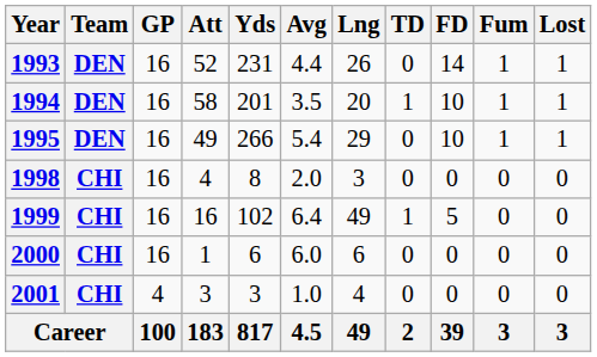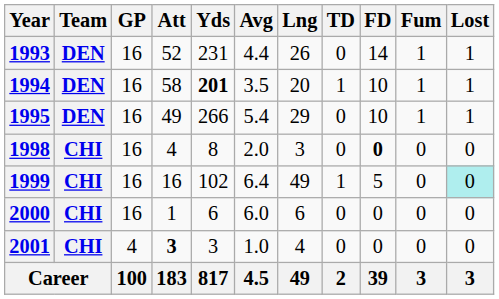 <table class="wikitable" style="text-align: center;">
 <tr>
 <th>Year</th>
 <th>Team</th>
 <th>GP</th>
 <th>Att</th>
 <th>Yds</th>
 <th>Avg</th>
 <th>Lng</th>
 <th>TD</th>
 <th>FD</th>
 <th>Fum</th>
 <th>Lost</th>
 </tr>
 <tr>
 <th><a href='#'>1993</a></th>
 <th><a href='#'>DEN</a></th>
 <td>16</td>
 <td>52</td>
 <td>231</td>
 <td>4.4</td>
 <td>26</td>
 <td>0</td>
 <td>14</td>
 <td>1</td>
 <td>1</td>
 </tr>
 <tr>
 <th><a href='#'>1994</a></th>
 <th><a href='#'>DEN</a></th>
 <td>16</td>
 <td>58</td>
-<td>201</td>
+<td><strong>201</strong></td>
 <td>3.5</td>
 <td>20</td>
 <td>1</td>
 <td>10</td>
 <td>1</td>
 <td>1</td>
 </tr>
 <tr>
 <th><a href='#'>1995</a></th>
 <th><a href='#'>DEN</a></th>
 <td>16</td>
 <td>49</td>
 <td>266</td>
 <td>5.4</td>
 <td>29</td>
 <td>0</td>
 <td>10</td>
 <td>1</td>
 <td>1</td>
 </tr>
 <tr>
 <th><a href='#'>1998</a></th>
 <th><a href='#'>CHI</a></th>
 <td>16</td>
 <td>4</td>
 <td>8</td>
 <td>2.0</td>
 <td>3</td>
 <td>0</td>
-<td>0</td>
+<td><strong>0</strong></td>
 <td>0</td>
 <td>0</td>
 </tr>
 <tr>
 <th><a href='#'>1999</a></th>
 <th><a href='#'>CHI</a></th>
 <td>16</td>
 <td>16</td>
 <td>102</td>
 <td>6.4</td>
 <td>49</td>
 <td>1</td>
 <td>5</td>
 <td>0</td>
-<td>0</td>
+<td style="background: paleturquoise;">0</td>
 </tr>
 <tr>
 <th><a href='#'>2000</a></th>
 <th><a href='#'>CHI</a></th>
 <td>16</td>
 <td>1</td>
 <td>6</td>
 <td>6.0</td>
 <td>6</td>
 <td>0</td>
 <td>0</td>
 <td>0</td>
 <td>0</td>
 </tr>
 <tr>
 <th><a href='#'>2001</a></th>
 <th><a href='#'>CHI</a></th>
 <td>4</td>
-<td>3</td>
+<td><strong>3</strong></td>
 <td>3</td>
 <td>1.0</td>
 <td>4</td>
 <td>0</td>
 <td>0</td>
 <td>0</td>
 <td>0</td>
 </tr>
 <tr>
 <th colspan="2">Career</th>
 <th>100</th>
 <th>183</th>
 <th>817</th>
 <th>4.5</th>
 <th>49</th>
 <th>2</th>
 <th>39</th>
 <th>3</th>
 <th>3</th>
 </tr>
 </table>
